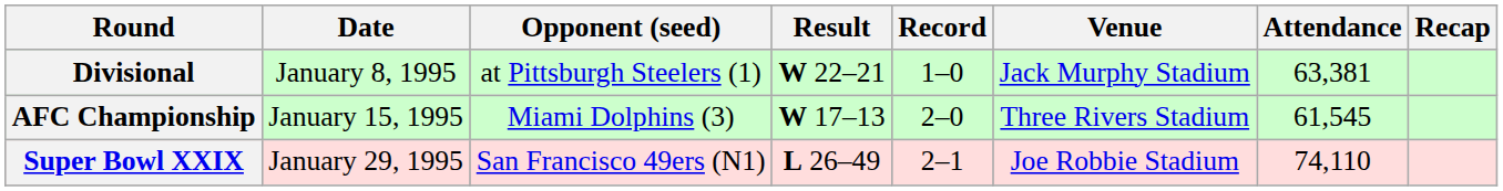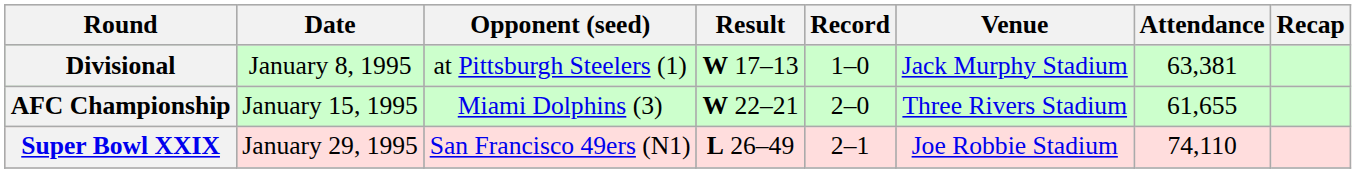 <table class="wikitable" style="text-align:center">
 <tr>
 <th>Round</th>
 <th>Date</th>
 <th>Opponent (seed)</th>
 <th>Result</th>
 <th>Record</th>
 <th>Venue</th>
 <th>Attendance</th>
 <th>Recap</th>
 </tr>
 <tr style="background:#cfc">
 <th>Divisional</th>
 <td>January 8, 1995</td>
 <td>at <a href='#'>Pittsburgh Steelers</a> (1)</td>
-<td><strong>W</strong> 22–21</td>
+<td><strong>W</strong> 17–13</td>
 <td>1–0</td>
 <td><a href='#'>Jack Murphy Stadium</a></td>
 <td>63,381</td>
 <td></td>
 </tr>
 <tr style="background:#cfc">
 <th>AFC Championship</th>
 <td>January 15, 1995</td>
 <td><a href='#'>Miami Dolphins</a> (3)</td>
-<td><strong>W</strong> 17–13</td>
+<td><strong>W</strong> 22–21</td>
 <td>2–0</td>
 <td><a href='#'>Three Rivers Stadium</a></td>
-<td>61,545</td>
+<td>61,655</td>
 <td></td>
 </tr>
 <tr style="background: #ffdddd;">
 <th><a href='#'>Super Bowl XXIX</a></th>
 <td>January 29, 1995</td>
 <td><a href='#'>San Francisco 49ers</a> (N1)</td>
 <td><strong>L</strong> 26–49</td>
 <td>2–1</td>
 <td><a href='#'>Joe Robbie Stadium</a></td>
 <td>74,110</td>
 <td></td>
 </tr>
 </table>
